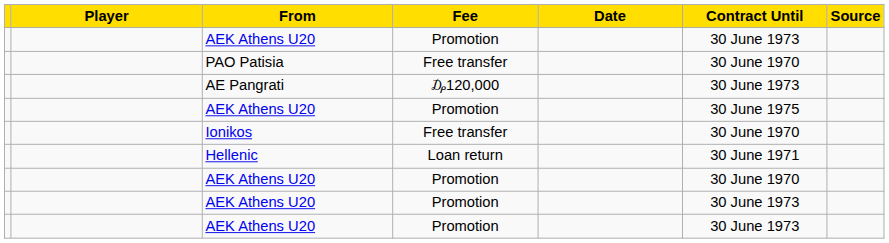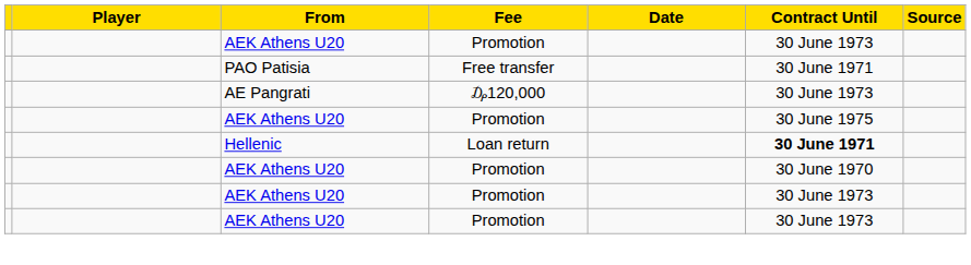 <table class="wikitable sortable">
 <tr>
 <th style="background:#FFDE00"></th>
 <th width=200 style="background:#FFDE00">Player</th>
 <th width=200 style="background:#FFDE00">From</th>
 <th width=150 style="background:#FFDE00">Fee</th>
 <th width=150 style="background:#FFDE00">Date</th>
 <th width=150 style="background:#FFDE00">Contract Until</th>
 <th style="background:#FFDE00">Source</th>
 </tr>
 <tr>
 <td align=center></td>
 <td></td>
 <td> <a href='#'>AEK Athens U20</a></td>
 <td align=center>Promotion</td>
 <td align=center></td>
 <td align=center>30 June 1973</td>
 <td align=center></td>
 </tr>
 <tr>
 <td align=center></td>
 <td></td>
 <td> PAO Patisia</td>
 <td align=center>Free transfer</td>
 <td align=center></td>
-<td align=center>30 June 1970</td>
+<td align=center>30 June 1971</td>
 <td align=center></td>
 </tr>
 <tr>
 <td align=center></td>
 <td></td>
 <td> AE Pangrati</td>
 <td align=center>₯120,000</td>
 <td align=center></td>
 <td align=center>30 June 1973</td>
 <td align=center></td>
 </tr>
 <tr>
 <td align=center></td>
 <td></td>
 <td> <a href='#'>AEK Athens U20</a></td>
 <td align=center>Promotion</td>
 <td align=center></td>
 <td align=center>30 June 1975</td>
 <td align=center></td>
 </tr>
 <tr>
 <td align=center></td>
 <td></td>
-<td> <a href='#'>Ionikos</a></td>
-<td align=center>Free transfer</td>
-<td align=center></td>
-<td align=center>30 June 1970</td>
-<td align=center></td>
-</tr>
-<tr>
-<td align=center></td>
-<td></td>
 <td> <a href='#'>Hellenic</a></td>
 <td align=center>Loan return</td>
 <td align=center></td>
-<td align=center>30 June 1971</td>
+<td align=center><strong>30 June 1971</strong></td>
 <td align=center></td>
 </tr>
 <tr>
 <td align=center></td>
 <td></td>
 <td> <a href='#'>AEK Athens U20</a></td>
 <td align=center>Promotion</td>
 <td align=center></td>
 <td align=center>30 June 1970</td>
 <td align=center></td>
 </tr>
 <tr>
 <td align=center></td>
 <td></td>
 <td> <a href='#'>AEK Athens U20</a></td>
 <td align=center>Promotion</td>
 <td align=center></td>
 <td align=center>30 June 1973</td>
 <td align=center></td>
 </tr>
 <tr>
 <td align=center></td>
 <td></td>
 <td> <a href='#'>AEK Athens U20</a></td>
 <td align=center>Promotion</td>
 <td align=center></td>
 <td align=center>30 June 1973</td>
 <td align=center></td>
 </tr>
 </table>
